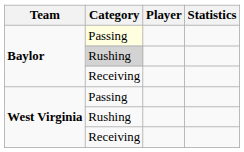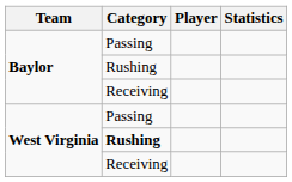 <table class="wikitable" style="float: left;">
 <tr>
 <th>Team</th>
 <th>Category</th>
 <th>Player</th>
 <th>Statistics</th>
 </tr>
 <tr>
 <td rowspan=3><strong>Baylor</strong></td>
-<td style="background: lightyellow;">Passing</td>
+<td>Passing</td>
 <td></td>
 <td></td>
 </tr>
 <tr>
-<td style="background: lightgrey;">Rushing</td>
+<td>Rushing</td>
 <td></td>
 <td></td>
 </tr>
 <tr>
 <td>Receiving</td>
 <td></td>
 <td></td>
 </tr>
 <tr>
 <td rowspan=3><strong>West Virginia</strong></td>
 <td>Passing</td>
 <td></td>
 <td></td>
 </tr>
 <tr>
-<td>Rushing</td>
+<td><strong>Rushing</strong></td>
 <td></td>
 <td></td>
 </tr>
 <tr>
 <td>Receiving</td>
 <td></td>
 <td></td>
 </tr>
 </table>
